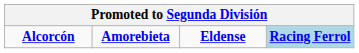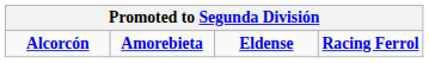 <table class="wikitable" style="text-align: center; margin: 0 auto;">
 <tr>
 <th colspan="4">Promoted to <a href='#'>Segunda División</a></th>
 </tr>
 <tr>
 <td width=25%><strong><a href='#'>Alcorcón</a></strong><br></td>
 <td width=25%><strong><a href='#'>Amorebieta</a></strong><br></td>
 <td width=25%><strong><a href='#'>Eldense</a></strong><br></td>
-<td width=25% style="background: lightblue;"><strong><a href='#'>Racing Ferrol</a></strong><br></td>
+<td width=25%><strong><a href='#'>Racing Ferrol</a></strong><br></td>
 </tr>
 </table>
